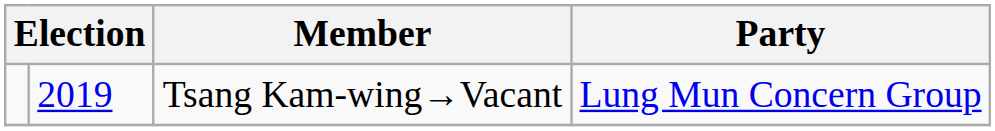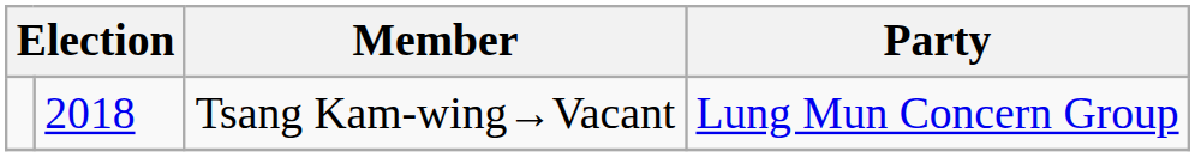 <table class="wikitable">
 <tr>
 <th colspan="2">Election</th>
 <th>Member</th>
 <th>Party</th>
 </tr>
 <tr>
 <td style="color:inherit;background:"></td>
-<td><a href='#'>2019</a></td>
+<td><a href='#'>2018</a></td>
 <td>Tsang Kam-wing→Vacant</td>
 <td><a href='#'>Lung Mun Concern Group</a></td>
 </tr>
 <tr>
 </tr>
 </table>
